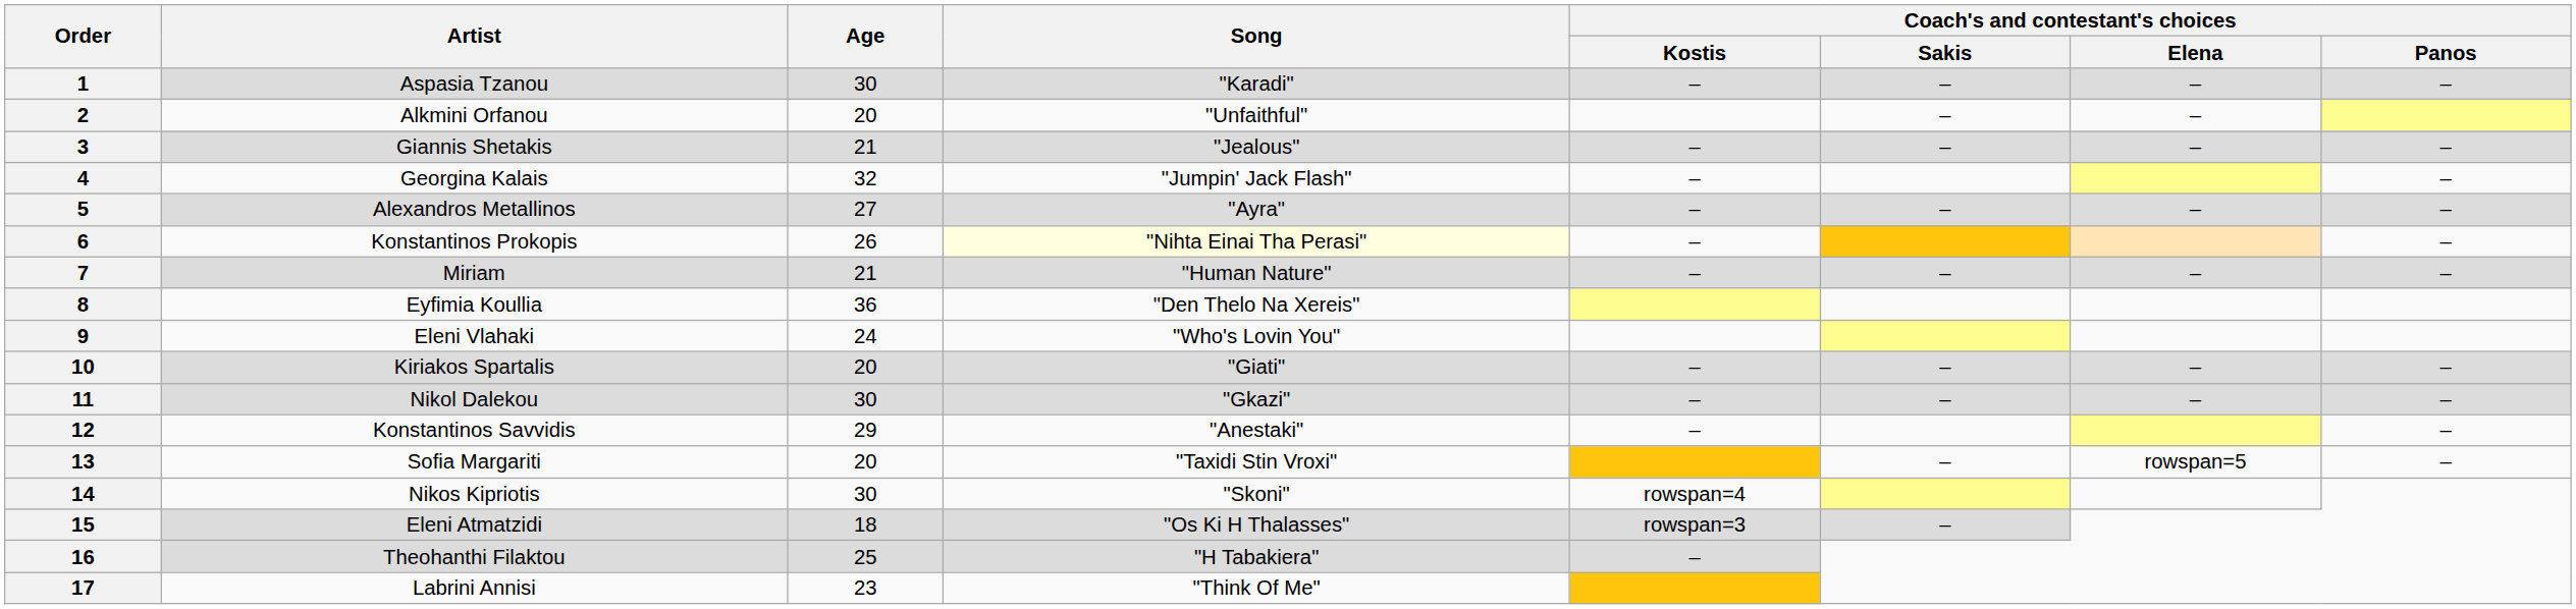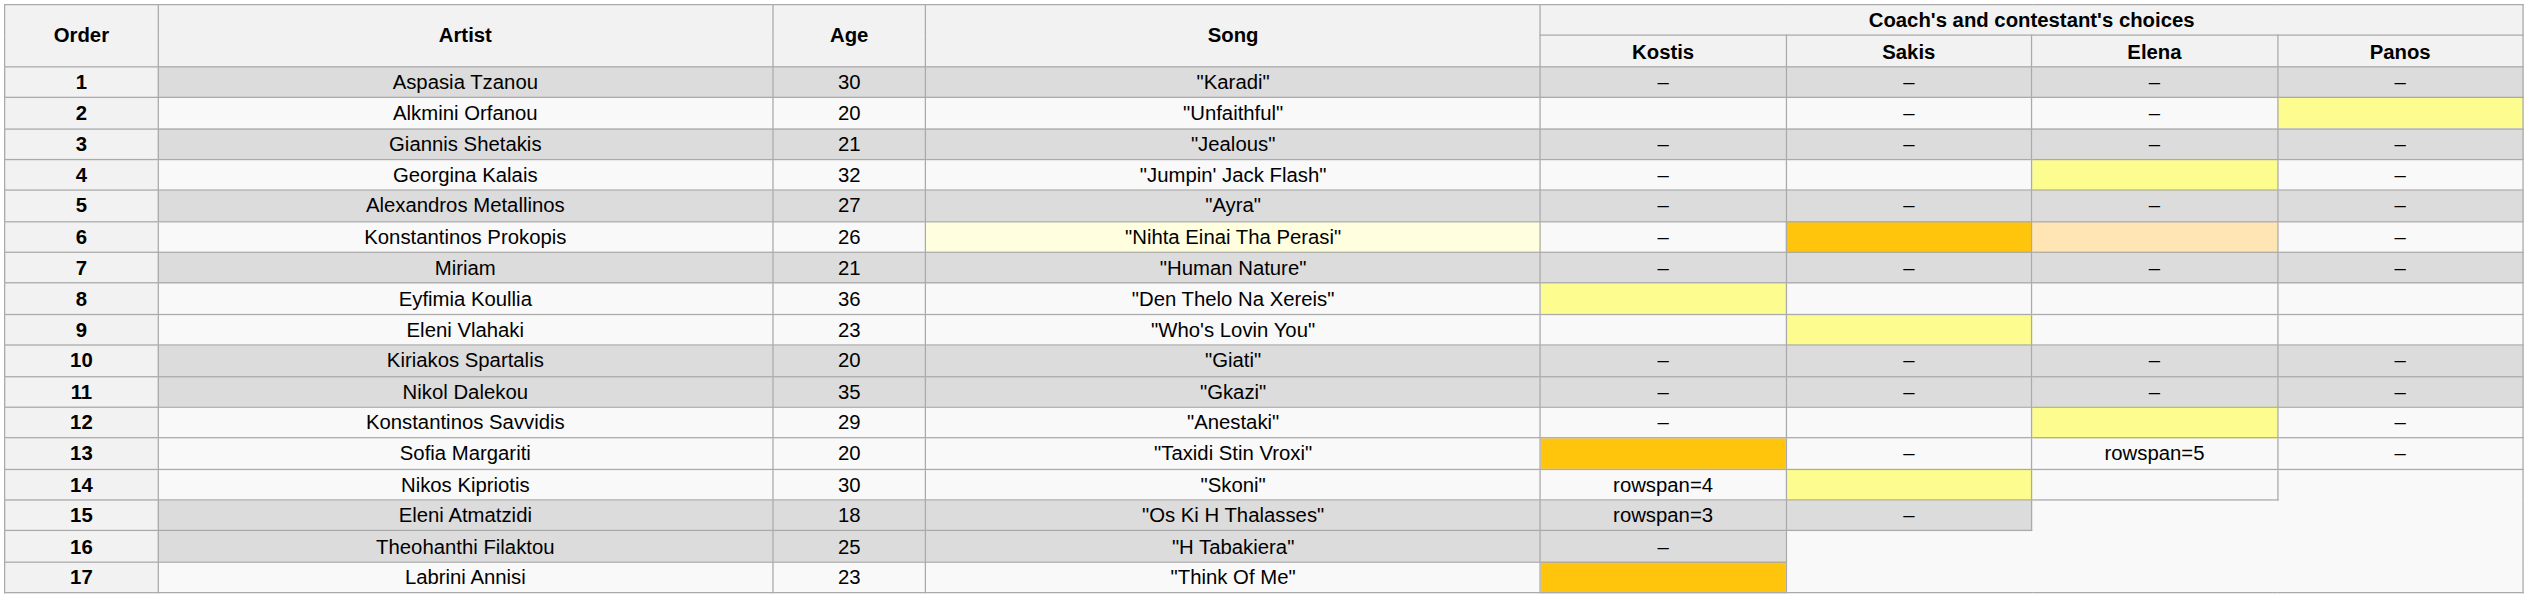 <table class="wikitable" style="text-align:center; line-height:17px; width:100%;">
 <tr>
 <th scope="col" rowspan="2" width="05%">Order</th>
 <th scope="col" rowspan="2" width="20%">Artist</th>
 <th scope="col" rowspan="2" width="05%">Age</th>
 <th scope="col" rowspan="2" width="20%">Song</th>
 <th scope="col" colspan="4" width="32%">Coach's and contestant's choices</th>
 </tr>
 <tr>
 <th width="08%">Kostis</th>
 <th width="08%">Sakis</th>
 <th width="08%">Elena</th>
 <th width="08%">Panos</th>
 </tr>
 <tr style="background: #DCDCDC;" |>
 <th>1</th>
 <td>Aspasia Tzanou</td>
 <td>30</td>
 <td>"Karadi"</td>
 <td>–</td>
 <td>–</td>
 <td>–</td>
 <td>–</td>
 </tr>
 <tr>
 <th>2</th>
 <td>Alkmini Orfanou</td>
 <td>20</td>
 <td>"Unfaithful"</td>
 <td></td>
 <td>–</td>
 <td>–</td>
 <td style="background: #fdfc8f;"></td>
 </tr>
 <tr style="background: #DCDCDC;" |>
 <th>3</th>
 <td>Giannis Shetakis</td>
 <td>21</td>
 <td>"Jealous"</td>
 <td>–</td>
 <td>–</td>
 <td>–</td>
 <td>–</td>
 </tr>
 <tr>
 <th>4</th>
 <td>Georgina Kalais</td>
 <td>32</td>
 <td>"Jumpin' Jack Flash"</td>
 <td>–</td>
 <td></td>
 <td style="background: #fdfc8f;"></td>
 <td>–</td>
 </tr>
 <tr style="background: #DCDCDC;" |>
 <th>5</th>
 <td>Alexandros Metallinos</td>
 <td>27</td>
 <td>"Ayra"</td>
 <td>–</td>
 <td>–</td>
 <td>–</td>
 <td>–</td>
 </tr>
 <tr>
 <th>6</th>
 <td>Konstantinos Prokopis</td>
 <td>26</td>
 <td style="background: lightyellow;">"Nihta Einai Tha Perasi"</td>
 <td>–</td>
 <td style="background: #FFC50C;"></td>
 <td bgcolor="#ffe5b4"><strong></strong></td>
 <td>–</td>
 </tr>
 <tr style="background: #DCDCDC;" |>
 <th>7</th>
 <td>Miriam</td>
 <td>21</td>
 <td>"Human Nature"</td>
 <td>–</td>
 <td>–</td>
 <td>–</td>
 <td>–</td>
 </tr>
 <tr>
 <th>8</th>
 <td>Eyfimia Koullia</td>
 <td>36</td>
 <td>"Den Thelo Na Xereis"</td>
 <td style="background: #fdfc8f;"></td>
 <td></td>
 <td></td>
 <td></td>
 </tr>
 <tr>
 <th>9</th>
 <td>Eleni Vlahaki</td>
-<td>24</td>
+<td>23</td>
 <td>"Who's Lovin You"</td>
 <td></td>
 <td style="background: #fdfc8f;"></td>
 <td></td>
 <td></td>
 </tr>
 <tr style="background: #DCDCDC;" |>
 <th>10</th>
 <td>Kiriakos Spartalis</td>
 <td>20</td>
 <td>"Giati"</td>
 <td>–</td>
 <td>–</td>
 <td>–</td>
 <td>–</td>
 </tr>
 <tr style="background: #DCDCDC;" |>
 <th>11</th>
 <td>Nikol Dalekou</td>
-<td>30</td>
+<td>35</td>
 <td>"Gkazi"</td>
 <td>–</td>
 <td>–</td>
 <td>–</td>
 <td>–</td>
 </tr>
 <tr>
 <th>12</th>
 <td>Konstantinos Savvidis</td>
 <td>29</td>
 <td>"Anestaki"</td>
 <td>–</td>
 <td></td>
 <td style="background: #fdfc8f;"></td>
 <td>–</td>
 </tr>
 <tr>
 <th>13</th>
 <td>Sofia Margariti</td>
 <td>20</td>
 <td>"Taxidi Stin Vroxi"</td>
 <td style="background: #FFC50C;"></td>
 <td>–</td>
 <td>rowspan=5 </td>
 <td>–</td>
 </tr>
 <tr>
 <th>14</th>
 <td>Nikos Kipriotis</td>
 <td>30</td>
 <td>"Skoni"</td>
 <td>rowspan=4 </td>
 <td style="background: #fdfc8f;"></td>
 <td></td>
 </tr>
 <tr style="background: #DCDCDC;" |>
 <th>15</th>
 <td>Eleni Atmatzidi</td>
 <td>18</td>
 <td>"Os Ki H Thalasses"</td>
 <td>rowspan=3 </td>
 <td>–</td>
 </tr>
 <tr style="background: #DCDCDC;" |>
 <th>16</th>
 <td>Theohanthi Filaktou</td>
 <td>25</td>
 <td>"H Tabakiera"</td>
 <td>–</td>
 </tr>
 <tr>
 <th>17</th>
 <td>Labrini Annisi</td>
 <td>23</td>
 <td>"Think Of Me"</td>
 <td style="background: #FFC50C;"></td>
 </tr>
 </table>
